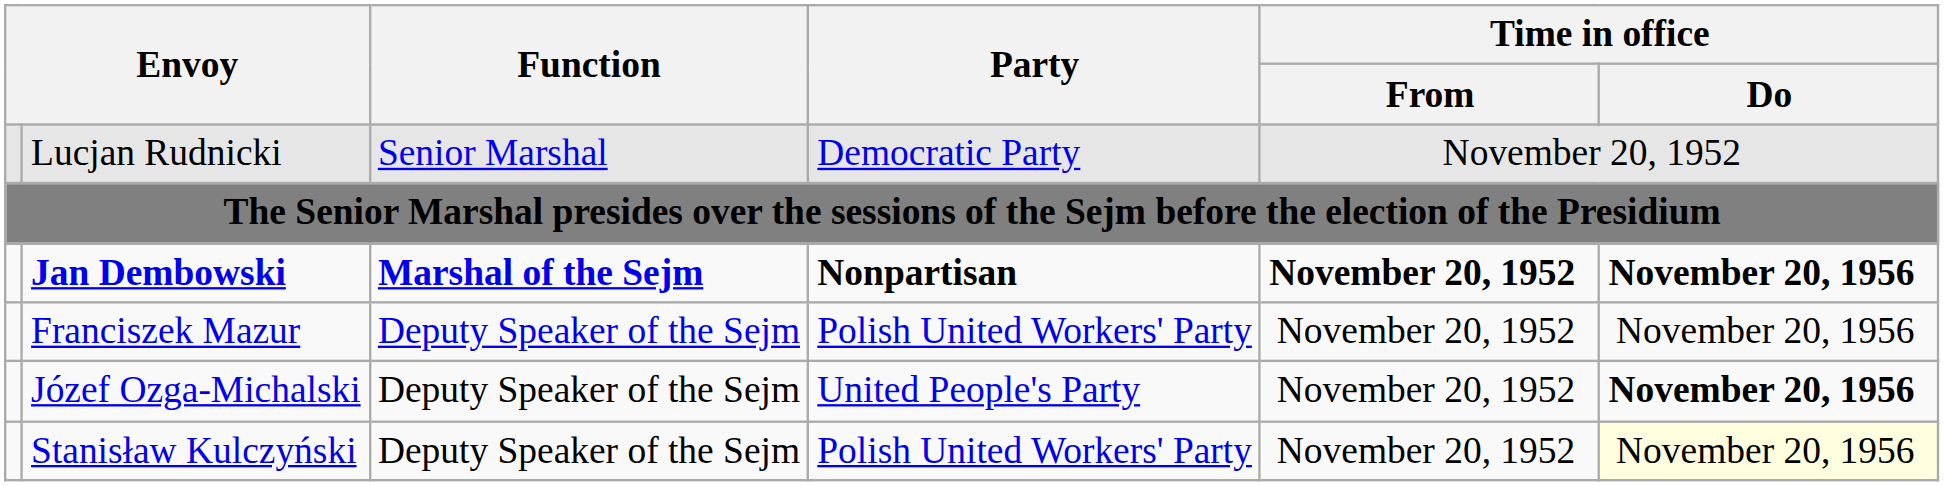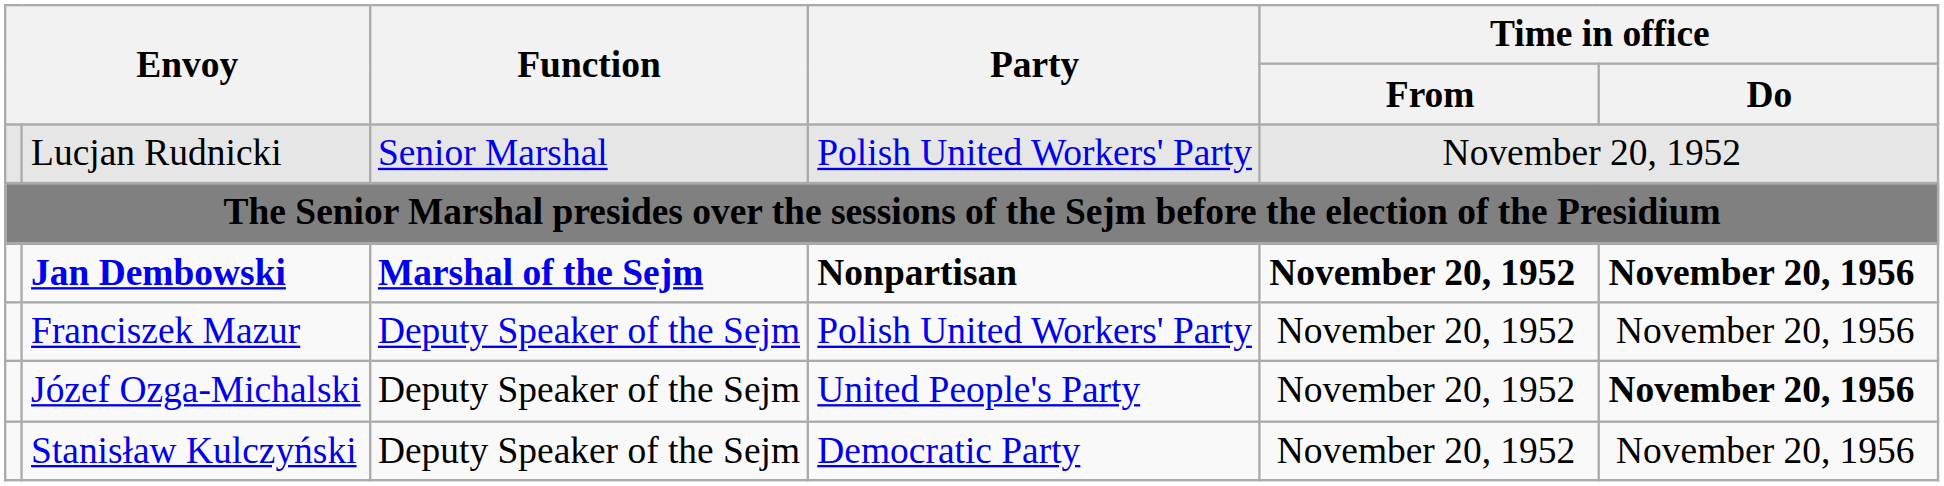 <table class="wikitable">
 <tr>
 <th rowspan=2 colspan=2>Envoy</th>
 <th rowspan=2>Function</th>
 <th rowspan=2>Party</th>
 <th colspan=3>Time in office</th>
 </tr>
 <tr>
 <th>From</th>
 <th>Do</th>
 </tr>
 <tr style="background: #E6E6E6;">
 <td style="background: "></td>
 <td>Lucjan Rudnicki</td>
 <td><a href='#'>Senior Marshal</a></td>
-<td><a href='#'>Democratic Party</a></td>
+<td><a href='#'>Polish United Workers' Party</a></td>
 <td colspan=2 align="center" style="padding-right:10px">November 20, 1952</td>
 </tr>
 <tr style="background: gray;">
 <td colspan=6 align="center"><strong>The Senior Marshal presides over the sessions of the Sejm before the election of the Presidium</strong></td>
 </tr>
 <tr>
 <td style="background: #"></td>
 <td><strong><a href='#'>Jan Dembowski</a></strong></td>
 <td><strong><a href='#'>Marshal of the Sejm</a></strong></td>
 <td><strong>Nonpartisan</strong></td>
 <td align="right" style="padding-right:10px"><strong>November 20, 1952</strong></td>
 <td align="right" style="padding-right:10px"><strong>November 20, 1956</strong></td>
 </tr>
 <tr>
 <td style="background: "></td>
 <td><a href='#'>Franciszek Mazur</a></td>
 <td><a href='#'>Deputy Speaker of the Sejm</a></td>
 <td><a href='#'>Polish United Workers' Party</a></td>
 <td align="right" style="padding-right:10px">November 20, 1952</td>
 <td align="right" style="padding-right:10px">November 20, 1956</td>
 </tr>
 <tr>
 <td style="background: "></td>
 <td><a href='#'>Józef Ozga-Michalski</a></td>
 <td>Deputy Speaker of the Sejm</td>
 <td><a href='#'>United People's Party</a></td>
 <td align="right" style="padding-right:10px">November 20, 1952</td>
 <td align="right" style="padding-right:10px"><strong>November 20, 1956</strong></td>
 </tr>
 <tr>
 <td style="background: "></td>
 <td><a href='#'>Stanisław Kulczyński</a></td>
 <td>Deputy Speaker of the Sejm</td>
-<td><a href='#'>Polish United Workers' Party</a></td>
+<td><a href='#'>Democratic Party</a></td>
 <td align="right" style="padding-right:10px">November 20, 1952</td>
-<td align="right" style="background: lightyellow; padding-right:10px">November 20, 1956</td>
+<td align="right" style="padding-right:10px">November 20, 1956</td>
 </tr>
 </table>
